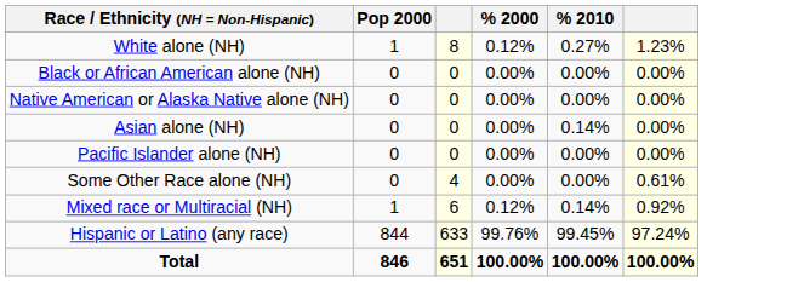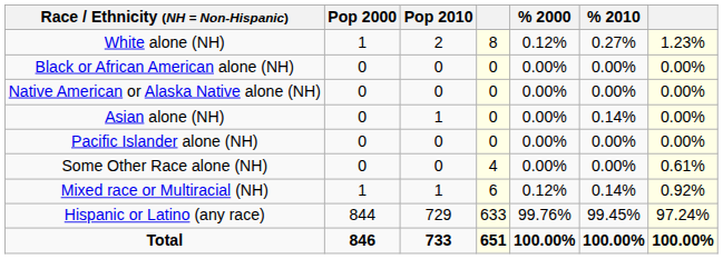 <table class="wikitable" style="text-align:center;">
 <tr>
 <th>Race / Ethnicity <small>(<em>NH = Non-Hispanic</em>)</small></th>
 <th>Pop 2000</th>
+<th>Pop 2010</th>
 <th></th>
 <th>% 2000</th>
 <th>% 2010</th>
 <th></th>
 </tr>
 <tr>
 <td><a href='#'>White</a> alone (NH)</td>
 <td>1</td>
+<td>2</td>
 <td style='background: #ffffe6;'>8</td>
 <td>0.12%</td>
 <td>0.27%</td>
 <td style='background: #ffffe6;'>1.23%</td>
 </tr>
 <tr>
 <td><a href='#'>Black or African American</a> alone (NH)</td>
+<td>0</td>
 <td>0</td>
 <td style='background: #ffffe6;'>0</td>
 <td>0.00%</td>
 <td>0.00%</td>
 <td style='background: #ffffe6;'>0.00%</td>
 </tr>
 <tr>
 <td><a href='#'>Native American</a> or <a href='#'>Alaska Native</a> alone (NH)</td>
 <td>0</td>
+<td>0</td>
 <td style='background: #ffffe6;'>0</td>
 <td>0.00%</td>
 <td>0.00%</td>
 <td style='background: #ffffe6;'>0.00%</td>
 </tr>
 <tr>
 <td><a href='#'>Asian</a> alone (NH)</td>
 <td>0</td>
+<td>1</td>
 <td style='background: #ffffe6;'>0</td>
 <td>0.00%</td>
 <td>0.14%</td>
 <td style='background: #ffffe6;'>0.00%</td>
 </tr>
 <tr>
 <td><a href='#'>Pacific Islander</a> alone (NH)</td>
+<td>0</td>
 <td>0</td>
 <td style='background: #ffffe6;'>0</td>
 <td>0.00%</td>
 <td>0.00%</td>
 <td style='background: #ffffe6;'>0.00%</td>
 </tr>
 <tr>
 <td>Some Other Race alone (NH)</td>
 <td>0</td>
+<td>0</td>
 <td style='background: #ffffe6;'>4</td>
 <td>0.00%</td>
 <td>0.00%</td>
 <td style='background: #ffffe6;'>0.61%</td>
 </tr>
 <tr>
 <td><a href='#'>Mixed race or Multiracial</a> (NH)</td>
+<td>1</td>
 <td>1</td>
 <td style='background: #ffffe6;'>6</td>
 <td>0.12%</td>
 <td>0.14%</td>
 <td style='background: #ffffe6;'>0.92%</td>
 </tr>
 <tr>
 <td><a href='#'>Hispanic or Latino</a> (any race)</td>
 <td>844</td>
+<td>729</td>
 <td style='background: #ffffe6;'>633</td>
 <td>99.76%</td>
 <td>99.45%</td>
 <td style='background: #ffffe6;'>97.24%</td>
 </tr>
 <tr>
 <td><strong>Total</strong></td>
 <td><strong>846</strong></td>
+<td><strong>733</strong></td>
 <td style='background: #ffffe6;'><strong>651</strong></td>
 <td><strong>100.00%</strong></td>
 <td><strong>100.00%</strong></td>
 <td style='background: #ffffe6;'><strong>100.00%</strong></td>
 </tr>
 </table>
